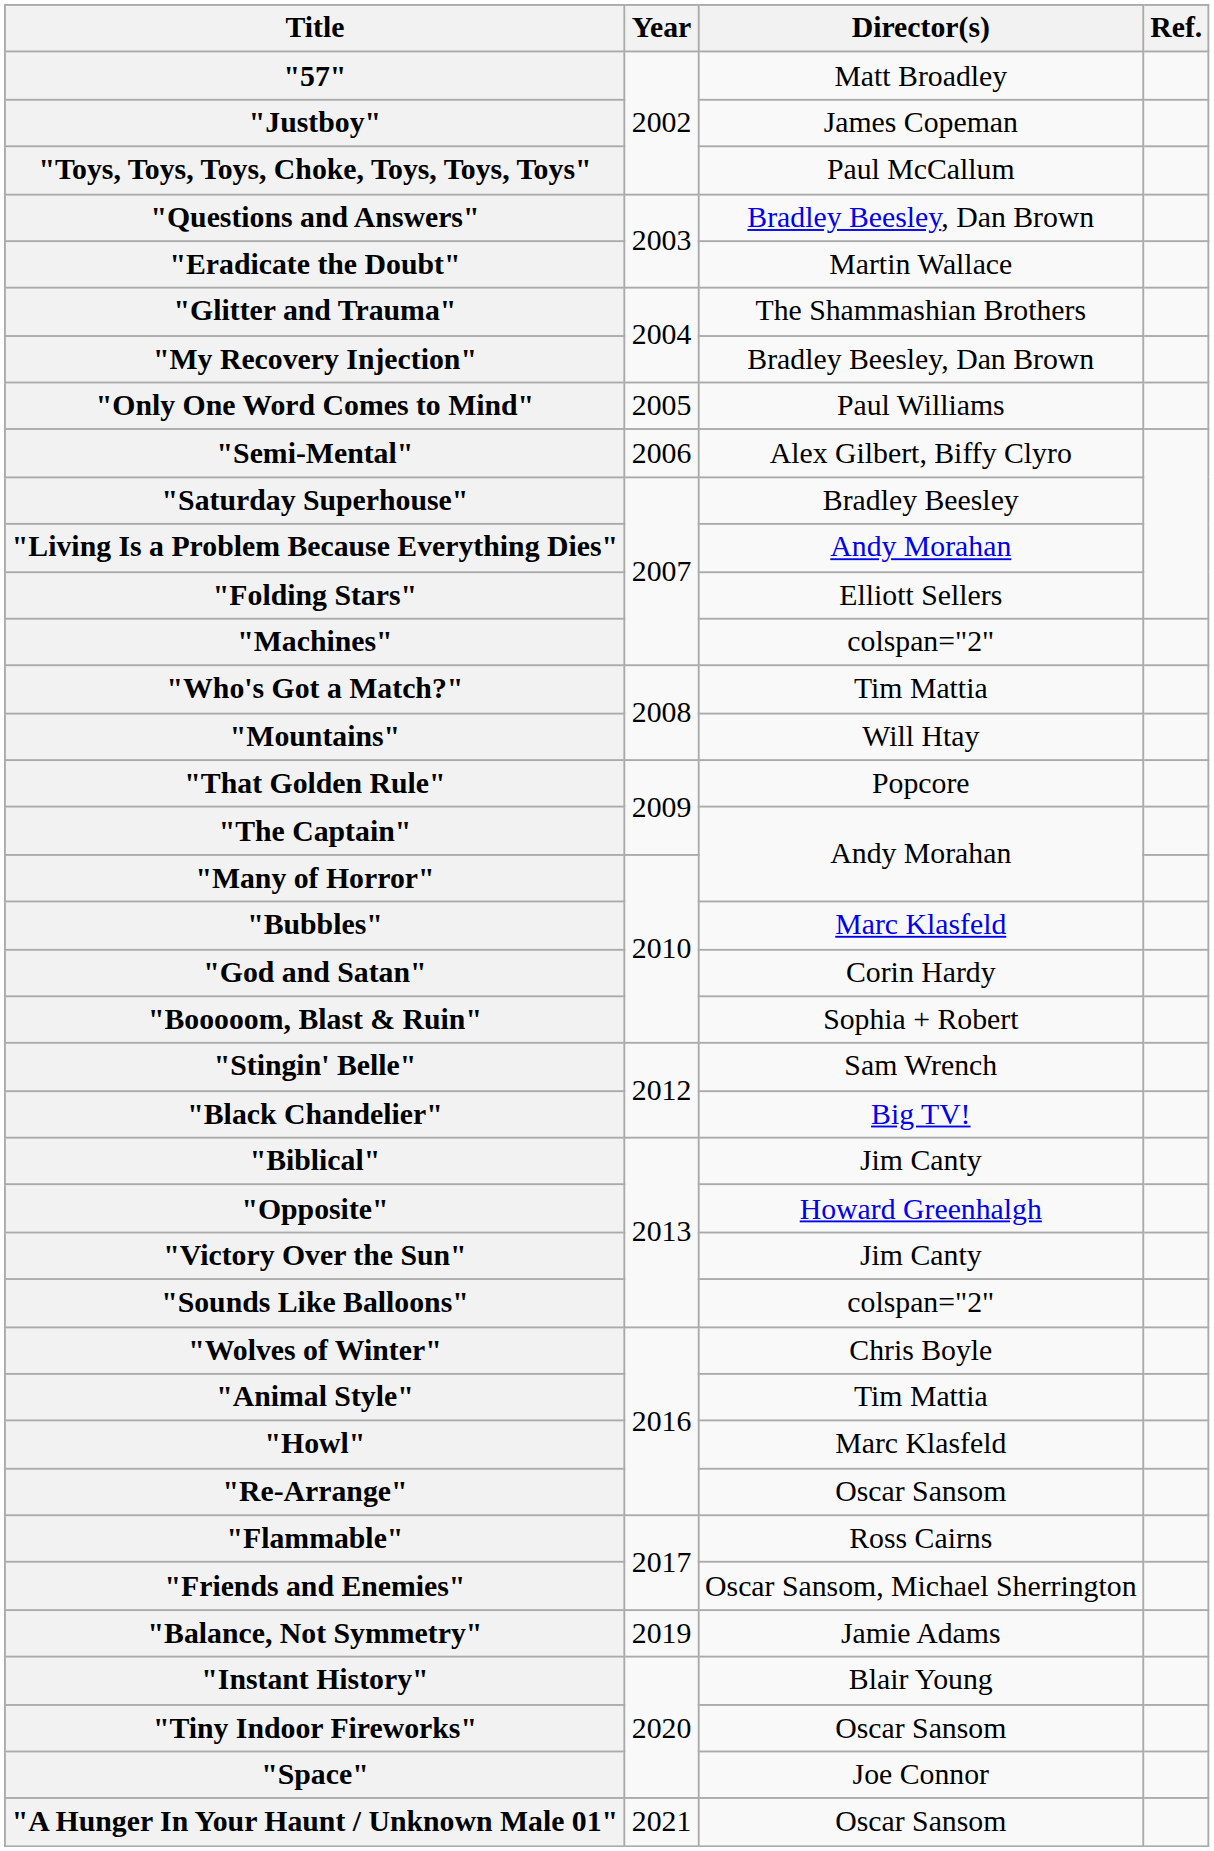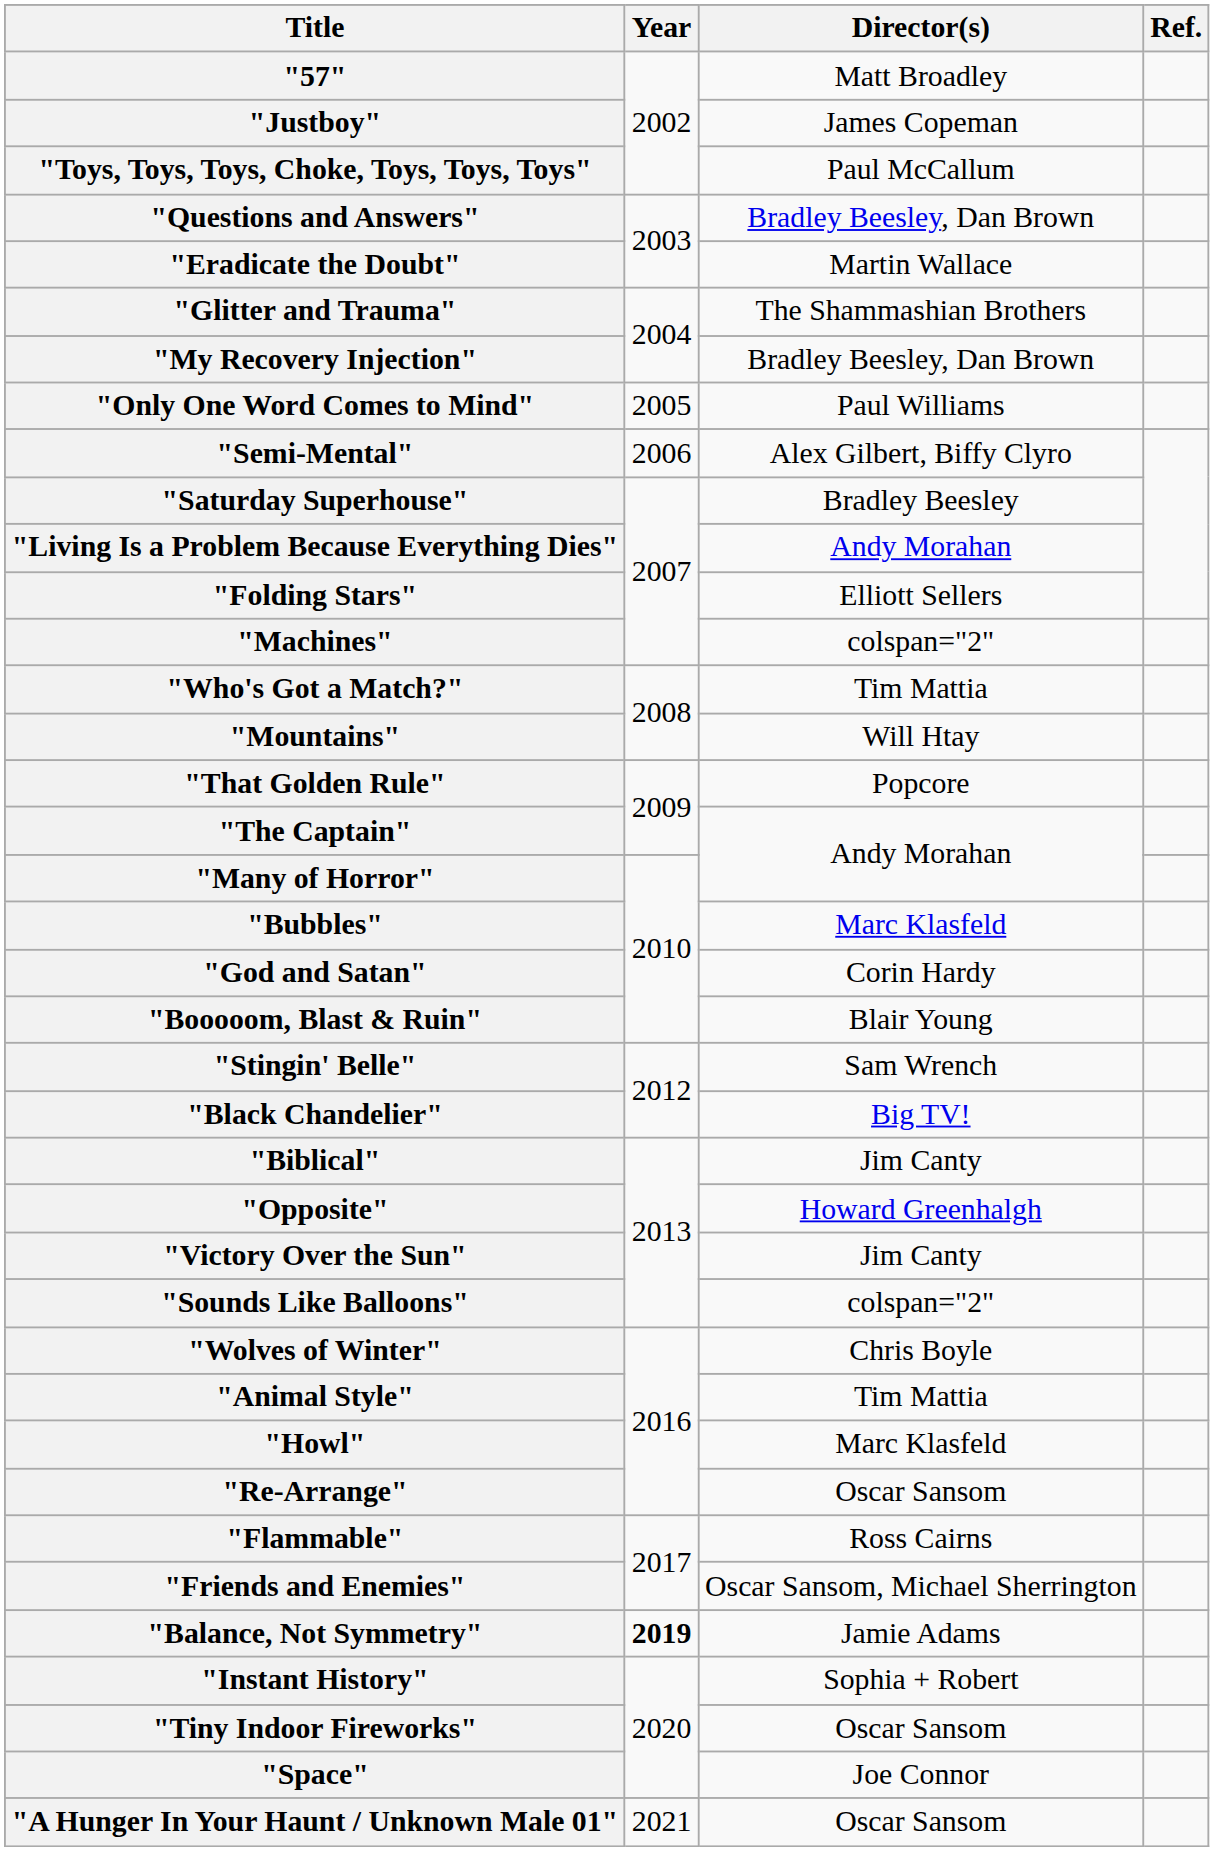 <table class="wikitable plainrowheaders" style="text-align:center;">
 <tr>
 <th scope="col">Title</th>
 <th scope="col" style="width:1em;">Year</th>
 <th scope="col">Director(s)</th>
 <th scope="col" style="width:1em;">Ref.</th>
 </tr>
 <tr>
 <th scope="row">"57"</th>
 <td rowspan="3">2002</td>
 <td>Matt Broadley</td>
 <td></td>
 </tr>
 <tr>
 <th scope="row">"Justboy"</th>
 <td>James Copeman</td>
 <td></td>
 </tr>
 <tr>
 <th scope="row">"Toys, Toys, Toys, Choke, Toys, Toys, Toys"</th>
 <td>Paul McCallum</td>
 <td></td>
 </tr>
 <tr>
 <th scope="row">"Questions and Answers"</th>
 <td rowspan="2">2003</td>
 <td><a href='#'>Bradley Beesley</a>, Dan Brown</td>
 <td></td>
 </tr>
 <tr>
 <th scope="row">"Eradicate the Doubt"</th>
 <td>Martin Wallace</td>
 <td></td>
 </tr>
 <tr>
 <th scope="row">"Glitter and Trauma"</th>
 <td rowspan="2">2004</td>
 <td>The Shammashian Brothers</td>
 <td></td>
 </tr>
 <tr>
 <th scope="row">"My Recovery Injection"</th>
 <td>Bradley Beesley, Dan Brown</td>
 <td></td>
 </tr>
 <tr>
 <th scope="row">"Only One Word Comes to Mind"</th>
 <td>2005</td>
 <td>Paul Williams</td>
 <td></td>
 </tr>
 <tr>
 <th scope="row">"Semi-Mental"</th>
 <td>2006</td>
 <td>Alex Gilbert, Biffy Clyro</td>
 <td rowspan="4"></td>
 </tr>
 <tr>
 <th scope="row">"Saturday Superhouse"</th>
 <td rowspan="4">2007</td>
 <td>Bradley Beesley</td>
 </tr>
 <tr>
 <th scope="row">"Living Is a Problem Because Everything Dies"</th>
 <td><a href='#'>Andy Morahan</a></td>
 </tr>
 <tr>
 <th scope="row">"Folding Stars"</th>
 <td>Elliott Sellers</td>
 </tr>
 <tr>
 <th scope="row">"Machines"</th>
 <td>colspan="2" </td>
 </tr>
 <tr>
 <th scope="row">"Who's Got a Match?"</th>
 <td rowspan="2">2008</td>
 <td>Tim Mattia</td>
 <td></td>
 </tr>
 <tr>
 <th scope="row">"Mountains"</th>
 <td>Will Htay</td>
 <td></td>
 </tr>
 <tr>
 <th scope="row">"That Golden Rule"</th>
 <td rowspan="2">2009</td>
 <td>Popcore</td>
 <td></td>
 </tr>
 <tr>
 <th scope="row">"The Captain"</th>
 <td rowspan="2">Andy Morahan</td>
 <td></td>
 </tr>
 <tr>
 <th scope="row">"Many of Horror"</th>
 <td rowspan="4">2010</td>
 <td></td>
 </tr>
 <tr>
 <th scope="row">"Bubbles"</th>
 <td><a href='#'>Marc Klasfeld</a></td>
 <td></td>
 </tr>
 <tr>
 <th scope="row">"God and Satan"</th>
 <td>Corin Hardy</td>
 <td></td>
 </tr>
 <tr>
 <th scope="row">"Booooom, Blast & Ruin"</th>
-<td>Sophia + Robert</td>
+<td>Blair Young</td>
 <td></td>
 </tr>
 <tr>
 <th scope="row">"Stingin' Belle"</th>
 <td rowspan="2">2012</td>
 <td>Sam Wrench</td>
 <td></td>
 </tr>
 <tr>
 <th scope="row">"Black Chandelier"</th>
 <td><a href='#'>Big TV!</a></td>
 <td></td>
 </tr>
 <tr>
 <th scope="row">"Biblical"</th>
 <td rowspan="4">2013</td>
 <td>Jim Canty</td>
 <td></td>
 </tr>
 <tr>
 <th scope="row">"Opposite"</th>
 <td><a href='#'>Howard Greenhalgh</a></td>
 <td></td>
 </tr>
 <tr>
 <th scope="row">"Victory Over the Sun"</th>
 <td>Jim Canty</td>
 <td></td>
 </tr>
 <tr>
 <th scope="row">"Sounds Like Balloons"</th>
 <td>colspan="2" </td>
 </tr>
 <tr>
 <th scope="row">"Wolves of Winter"</th>
 <td rowspan="4">2016</td>
 <td>Chris Boyle</td>
 <td></td>
 </tr>
 <tr>
 <th scope="row">"Animal Style"</th>
 <td>Tim Mattia</td>
 <td></td>
 </tr>
 <tr>
 <th scope="row">"Howl"</th>
 <td>Marc Klasfeld</td>
 <td></td>
 </tr>
 <tr>
 <th scope="row">"Re-Arrange"</th>
 <td>Oscar Sansom</td>
 <td></td>
 </tr>
 <tr>
 <th scope="row">"Flammable"</th>
 <td rowspan="2">2017</td>
 <td>Ross Cairns</td>
 <td></td>
 </tr>
 <tr>
 <th scope="row">"Friends and Enemies"</th>
 <td>Oscar Sansom, Michael Sherrington</td>
 <td></td>
 </tr>
 <tr>
 <th scope="row">"Balance, Not Symmetry"</th>
-<td>2019</td>
+<td><strong>2019</strong></td>
 <td>Jamie Adams</td>
 <td></td>
 </tr>
 <tr>
 <th scope="row">"Instant History"</th>
 <td rowspan="3">2020</td>
-<td>Blair Young</td>
+<td>Sophia + Robert</td>
 <td></td>
 </tr>
 <tr>
 <th scope="row">"Tiny Indoor Fireworks"</th>
 <td>Oscar Sansom</td>
 <td></td>
 </tr>
 <tr>
 <th scope="row">"Space"</th>
 <td>Joe Connor</td>
 <td></td>
 </tr>
 <tr>
 <th scope="row">"A Hunger In Your Haunt / Unknown Male 01"</th>
 <td>2021</td>
 <td>Oscar Sansom</td>
 <td></td>
 </tr>
 </table>
